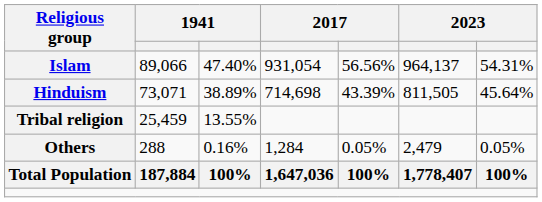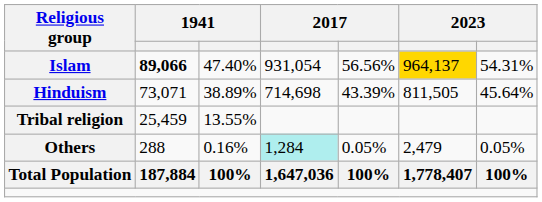 <table class="wikitable sortable">
 <tr>
 <th rowspan="2"><a href='#'>Religious</a><br>group</th>
 <th colspan="2">1941</th>
 <th colspan="2">2017</th>
 <th colspan="2">2023</th>
 </tr>
 <tr>
 <th><a href='#'></a></th>
 <th></th>
 <th></th>
 <th></th>
 <th></th>
 <th></th>
 </tr>
 <tr>
 <th><a href='#'>Islam</a> </th>
-<td>89,066</td>
+<td><strong>89,066</strong></td>
 <td>47.40%</td>
 <td>931,054</td>
 <td>56.56%</td>
-<td>964,137</td>
+<td style="background: gold;">964,137</td>
 <td>54.31%</td>
 </tr>
 <tr>
 <th><a href='#'>Hinduism</a> </th>
 <td>73,071</td>
 <td>38.89%</td>
 <td>714,698</td>
 <td>43.39%</td>
 <td>811,505</td>
 <td>45.64%</td>
 </tr>
 <tr>
 <th>Tribal religion</th>
 <td>25,459</td>
 <td>13.55%</td>
 <td></td>
 <td></td>
 <td></td>
 <td></td>
 </tr>
 <tr>
 <th>Others</th>
 <td>288</td>
 <td>0.16%</td>
-<td>1,284</td>
+<td style="background: paleturquoise;">1,284</td>
 <td>0.05%</td>
 <td>2,479</td>
 <td>0.05%</td>
 </tr>
 <tr>
 <th>Total Population</th>
 <th>187,884</th>
 <th>100%</th>
 <th>1,647,036</th>
 <th>100%</th>
 <th>1,778,407</th>
 <th>100%</th>
 </tr>
 <tr class="sortbottom">
 <td colspan="7"></td>
 </tr>
 </table>
